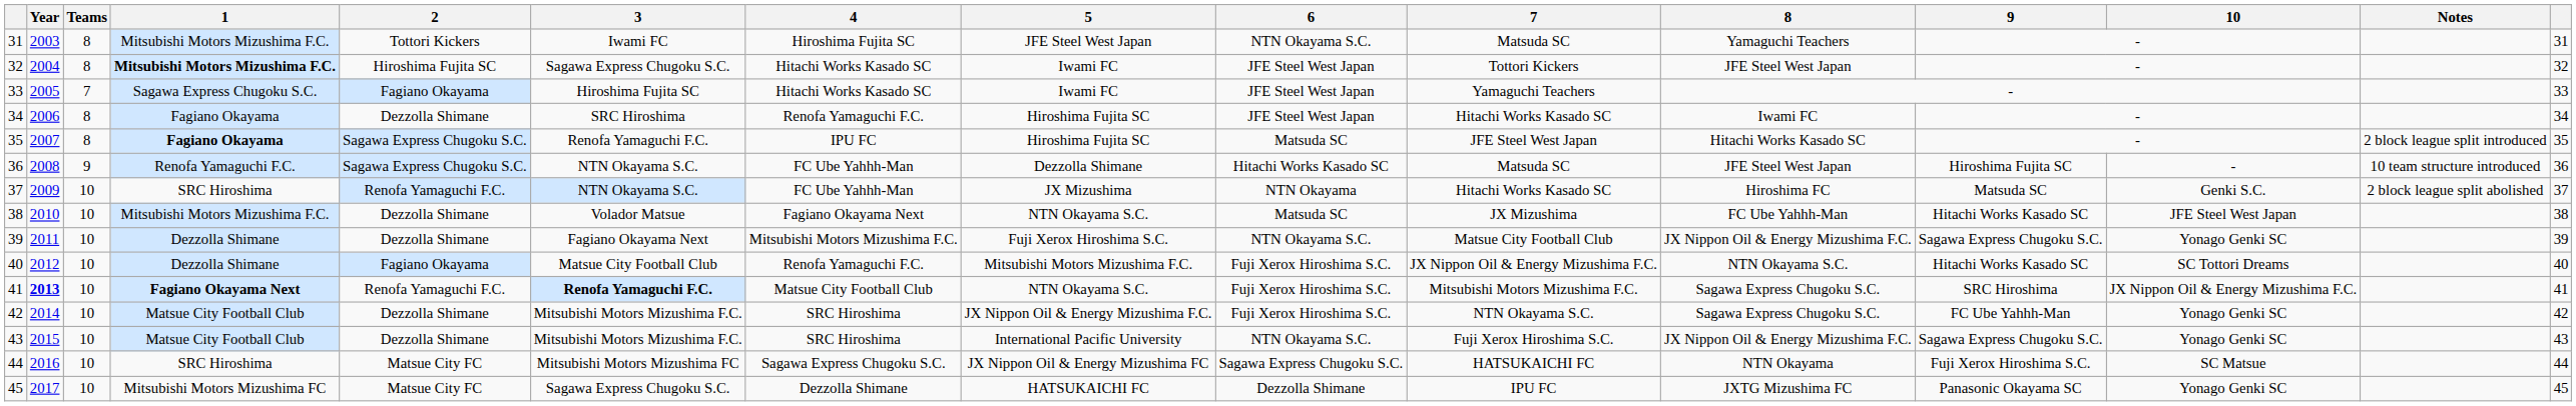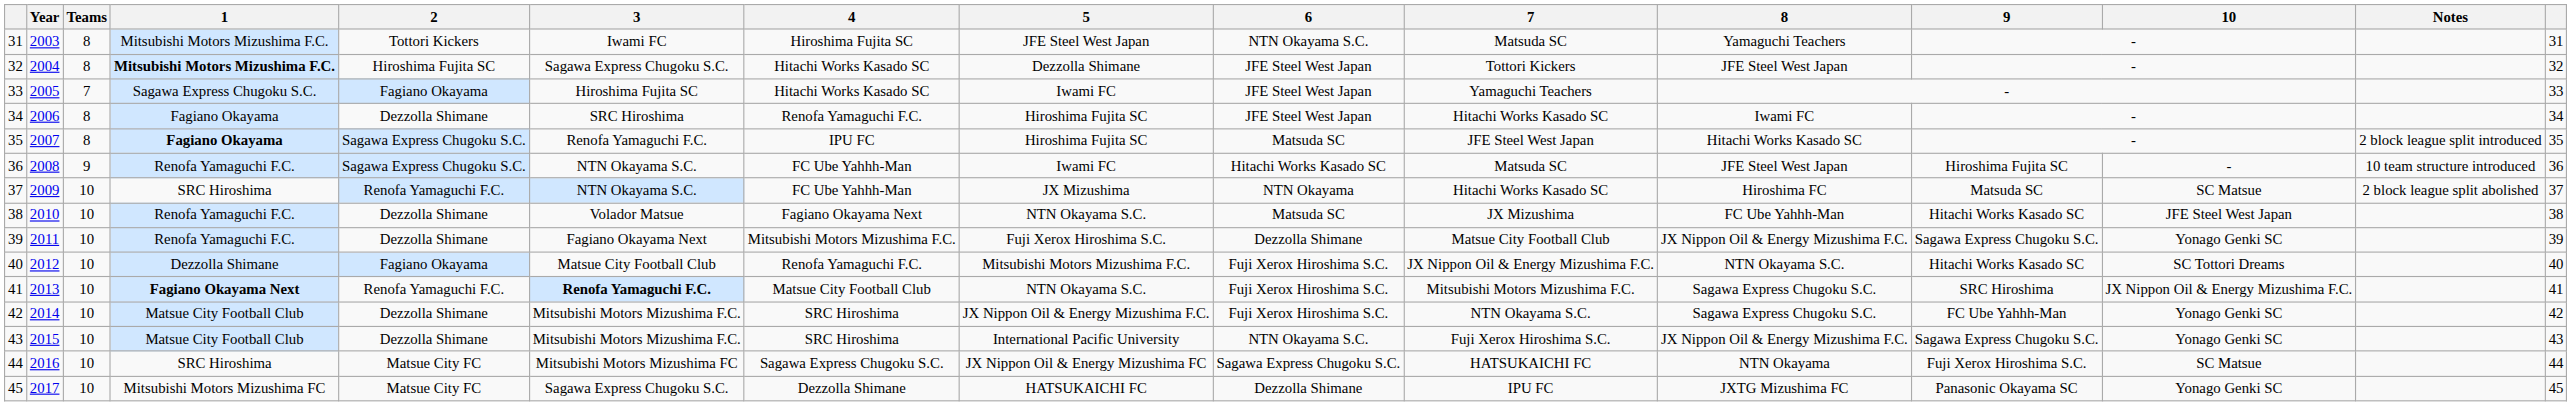 <table class="wikitable" style="text-align:center;font-size:smaller;white-space:nowrap">
 <tr>
 <th></th>
 <th>Year</th>
 <th>Teams</th>
 <th>1</th>
 <th>2</th>
 <th>3</th>
 <th>4</th>
 <th>5</th>
 <th>6</th>
 <th>7</th>
 <th>8</th>
 <th>9</th>
 <th>10</th>
 <th>Notes</th>
 <th></th>
 </tr>
 <tr>
 <td>31</td>
 <td><a href='#'>2003</a></td>
 <td>8</td>
 <td bgcolor="#D0E7FF">Mitsubishi Motors Mizushima F.C.</td>
 <td>Tottori Kickers</td>
 <td>Iwami FC</td>
 <td>Hiroshima Fujita SC</td>
 <td>JFE Steel West Japan</td>
 <td>NTN Okayama S.C.</td>
 <td>Matsuda SC</td>
 <td>Yamaguchi Teachers</td>
 <td colspan="2">-</td>
 <td></td>
 <td>31</td>
 </tr>
 <tr>
 <td>32</td>
 <td><a href='#'>2004</a></td>
 <td>8</td>
 <td bgcolor="#D0E7FF"><strong>Mitsubishi Motors Mizushima F.C.</strong></td>
 <td>Hiroshima Fujita SC</td>
 <td>Sagawa Express Chugoku S.C.</td>
 <td>Hitachi Works Kasado SC</td>
-<td>Iwami FC</td>
+<td>Dezzolla Shimane</td>
 <td>JFE Steel West Japan</td>
 <td>Tottori Kickers</td>
 <td>JFE Steel West Japan</td>
 <td colspan="2">-</td>
 <td></td>
 <td>32</td>
 </tr>
 <tr>
 <td>33</td>
 <td><a href='#'>2005</a></td>
 <td>7</td>
 <td bgcolor="#D0E7FF">Sagawa Express Chugoku S.C.</td>
 <td bgcolor="#D0E7FF">Fagiano Okayama</td>
 <td>Hiroshima Fujita SC</td>
 <td>Hitachi Works Kasado SC</td>
 <td>Iwami FC</td>
 <td>JFE Steel West Japan</td>
 <td>Yamaguchi Teachers</td>
 <td colspan="3">-</td>
 <td></td>
 <td>33</td>
 </tr>
 <tr>
 <td>34</td>
 <td><a href='#'>2006</a></td>
 <td>8</td>
 <td bgcolor="#D0E7FF">Fagiano Okayama</td>
 <td>Dezzolla Shimane</td>
 <td>SRC Hiroshima</td>
 <td>Renofa Yamaguchi F.C.</td>
 <td>Hiroshima Fujita SC</td>
 <td>JFE Steel West Japan</td>
 <td>Hitachi Works Kasado SC</td>
 <td>Iwami FC</td>
 <td colspan="2">-</td>
 <td></td>
 <td>34</td>
 </tr>
 <tr>
 <td>35</td>
 <td><a href='#'>2007</a></td>
 <td>8</td>
 <td bgcolor="#D0E7FF"><strong>Fagiano Okayama</strong></td>
 <td bgcolor="#D0E7FF">Sagawa Express Chugoku S.C.</td>
 <td>Renofa Yamaguchi F.C.</td>
 <td>IPU FC</td>
 <td>Hiroshima Fujita SC</td>
 <td>Matsuda SC</td>
 <td>JFE Steel West Japan</td>
 <td>Hitachi Works Kasado SC</td>
 <td colspan="2">-</td>
 <td>2 block league split introduced</td>
 <td>35</td>
 </tr>
 <tr>
 <td>36</td>
 <td><a href='#'>2008</a></td>
 <td>9</td>
 <td bgcolor="#D0E7FF">Renofa Yamaguchi F.C.</td>
 <td bgcolor="#D0E7FF">Sagawa Express Chugoku S.C.</td>
 <td>NTN Okayama S.C.</td>
 <td>FC Ube Yahhh-Man</td>
-<td>Dezzolla Shimane</td>
+<td>Iwami FC</td>
 <td>Hitachi Works Kasado SC</td>
 <td>Matsuda SC</td>
 <td>JFE Steel West Japan</td>
 <td>Hiroshima Fujita SC</td>
 <td>-</td>
 <td>10 team structure introduced</td>
 <td>36</td>
 </tr>
 <tr>
 <td>37</td>
 <td><a href='#'>2009</a></td>
 <td>10</td>
 <td>SRC Hiroshima</td>
 <td bgcolor="#D0E7FF">Renofa Yamaguchi F.C.</td>
 <td bgcolor="#D0E7FF">NTN Okayama S.C.</td>
 <td>FC Ube Yahhh-Man</td>
 <td>JX Mizushima</td>
 <td>NTN Okayama</td>
 <td>Hitachi Works Kasado SC</td>
 <td>Hiroshima FC</td>
 <td>Matsuda SC</td>
-<td>Genki S.C.</td>
+<td>SC Matsue</td>
 <td>2 block league split abolished</td>
 <td>37</td>
 </tr>
 <tr>
 <td>38</td>
 <td><a href='#'>2010</a></td>
 <td>10</td>
-<td bgcolor="#D0E7FF">Mitsubishi Motors Mizushima F.C.</td>
+<td bgcolor="#D0E7FF">Renofa Yamaguchi F.C.</td>
 <td>Dezzolla Shimane</td>
 <td>Volador Matsue</td>
 <td>Fagiano Okayama Next</td>
 <td>NTN Okayama S.C.</td>
 <td>Matsuda SC</td>
 <td>JX Mizushima</td>
 <td>FC Ube Yahhh-Man</td>
 <td>Hitachi Works Kasado SC</td>
 <td>JFE Steel West Japan</td>
 <td></td>
 <td>38</td>
 </tr>
 <tr>
 <td>39</td>
 <td><a href='#'>2011</a></td>
 <td>10</td>
-<td bgcolor="#D0E7FF">Dezzolla Shimane</td>
+<td bgcolor="#D0E7FF">Renofa Yamaguchi F.C.</td>
 <td>Dezzolla Shimane</td>
 <td>Fagiano Okayama Next</td>
 <td>Mitsubishi Motors Mizushima F.C.</td>
 <td>Fuji Xerox Hiroshima S.C.</td>
-<td>NTN Okayama S.C.</td>
+<td>Dezzolla Shimane</td>
 <td>Matsue City Football Club</td>
 <td>JX Nippon Oil & Energy Mizushima F.C.</td>
 <td>Sagawa Express Chugoku S.C.</td>
 <td>Yonago Genki SC</td>
 <td></td>
 <td>39</td>
 </tr>
 <tr>
 <td>40</td>
 <td><a href='#'>2012</a></td>
 <td>10</td>
 <td bgcolor="#D0E7FF">Dezzolla Shimane</td>
 <td bgcolor="#D0E7FF">Fagiano Okayama</td>
 <td>Matsue City Football Club</td>
 <td>Renofa Yamaguchi F.C.</td>
 <td>Mitsubishi Motors Mizushima F.C.</td>
 <td>Fuji Xerox Hiroshima S.C.</td>
 <td>JX Nippon Oil & Energy Mizushima F.C.</td>
 <td>NTN Okayama S.C.</td>
 <td>Hitachi Works Kasado SC</td>
 <td>SC Tottori Dreams</td>
 <td></td>
 <td>40</td>
 </tr>
 <tr>
 <td>41</td>
-<td><strong><a href='#'>2013</a></strong></td>
+<td><a href='#'>2013</a></td>
 <td>10</td>
 <td bgcolor="D0E7FF"><strong>Fagiano Okayama Next</strong></td>
 <td>Renofa Yamaguchi F.C.</td>
 <td bgcolor="D0E7FF"><strong>Renofa Yamaguchi F.C.</strong></td>
 <td>Matsue City Football Club</td>
 <td>NTN Okayama S.C.</td>
 <td>Fuji Xerox Hiroshima S.C.</td>
 <td>Mitsubishi Motors Mizushima F.C.</td>
 <td>Sagawa Express Chugoku S.C.</td>
 <td>SRC Hiroshima</td>
 <td>JX Nippon Oil & Energy Mizushima F.C.</td>
 <td></td>
 <td>41</td>
 </tr>
 <tr>
 <td>42</td>
 <td><a href='#'>2014</a></td>
 <td>10</td>
 <td bgcolor="D0E7FF">Matsue City Football Club</td>
 <td>Dezzolla Shimane</td>
 <td>Mitsubishi Motors Mizushima F.C.</td>
 <td>SRC Hiroshima</td>
 <td>JX Nippon Oil & Energy Mizushima F.C.</td>
 <td>Fuji Xerox Hiroshima S.C.</td>
 <td>NTN Okayama S.C.</td>
 <td>Sagawa Express Chugoku S.C.</td>
 <td>FC Ube Yahhh-Man</td>
 <td>Yonago Genki SC</td>
 <td></td>
 <td>42</td>
 </tr>
 <tr>
 <td>43</td>
 <td><a href='#'>2015</a></td>
 <td>10</td>
 <td bgcolor="D0E7FF">Matsue City Football Club</td>
 <td>Dezzolla Shimane</td>
 <td>Mitsubishi Motors Mizushima F.C.</td>
 <td>SRC Hiroshima</td>
 <td>International Pacific University</td>
 <td>NTN Okayama S.C.</td>
 <td>Fuji Xerox Hiroshima S.C.</td>
 <td>JX Nippon Oil & Energy Mizushima F.C.</td>
 <td>Sagawa Express Chugoku S.C.</td>
 <td>Yonago Genki SC</td>
 <td></td>
 <td>43</td>
 </tr>
 <tr>
 <td>44</td>
 <td><a href='#'>2016</a></td>
 <td>10</td>
 <td>SRC Hiroshima</td>
 <td>Matsue City FC</td>
 <td>Mitsubishi Motors Mizushima FC</td>
 <td>Sagawa Express Chugoku S.C.</td>
 <td>JX Nippon Oil & Energy Mizushima FC</td>
 <td>Sagawa Express Chugoku S.C.</td>
 <td>HATSUKAICHI FC</td>
 <td>NTN Okayama</td>
 <td>Fuji Xerox Hiroshima S.C.</td>
 <td>SC Matsue</td>
 <td></td>
 <td>44</td>
 </tr>
 <tr>
 <td>45</td>
 <td><a href='#'>2017</a></td>
 <td>10</td>
 <td>Mitsubishi Motors Mizushima FC</td>
 <td>Matsue City FC</td>
 <td>Sagawa Express Chugoku S.C.</td>
 <td>Dezzolla Shimane</td>
 <td>HATSUKAICHI FC</td>
 <td>Dezzolla Shimane</td>
 <td>IPU FC</td>
 <td>JXTG Mizushima FC</td>
 <td>Panasonic Okayama SC</td>
 <td>Yonago Genki SC</td>
 <td></td>
 <td>45</td>
 </tr>
 </table>
